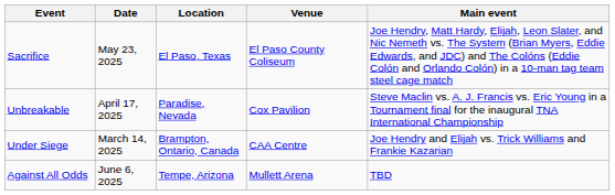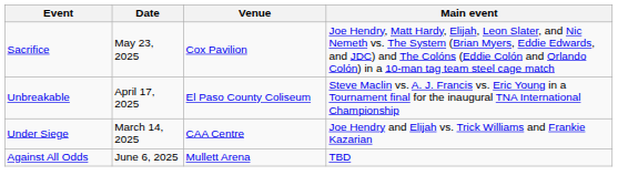 <table class="wikitable sortable" width="100%" style="align: center">
 <tr>
 <th width="15%">Event</th>
 <th width="10%">Date</th>
-<th width="15%">Location</th>
 <th width="20%">Venue</th>
 <th width="40%">Main event</th>
 </tr>
 <tr>
 <td><a href='#'>Sacrifice</a></td>
 <td>May 23, 2025</td>
-<td><a href='#'>El Paso, Texas</a></td>
-<td><a href='#'>El Paso County Coliseum</a></td>
+<td><a href='#'>Cox Pavilion</a></td>
 <td><a href='#'>Joe Hendry</a>, <a href='#'>Matt Hardy</a>, <a href='#'>Elijah</a>, <a href='#'>Leon Slater</a>, and <a href='#'>Nic Nemeth</a> vs. <a href='#'>The System</a> (<a href='#'>Brian Myers</a>, <a href='#'>Eddie Edwards</a>, and <a href='#'>JDC</a>) and <a href='#'>The Colóns</a> (<a href='#'>Eddie Colón</a> and <a href='#'>Orlando Colón</a>) in a <a href='#'>10-man tag team steel cage match</a></td>
 </tr>
 <tr>
 <td><a href='#'>Unbreakable</a></td>
 <td>April 17, 2025</td>
-<td><a href='#'>Paradise, Nevada</a></td>
-<td><a href='#'>Cox Pavilion</a></td>
+<td><a href='#'>El Paso County Coliseum</a></td>
 <td><a href='#'>Steve Maclin</a> vs. <a href='#'>A. J. Francis</a> vs. <a href='#'>Eric Young</a> in a <a href='#'>Tournament final</a> for the inaugural <a href='#'>TNA International Championship</a></td>
 </tr>
 <tr>
 <td><a href='#'>Under Siege</a></td>
 <td>March 14, 2025</td>
-<td><a href='#'>Brampton, Ontario, Canada</a></td>
 <td><a href='#'>CAA Centre</a></td>
 <td><a href='#'>Joe Hendry</a> and <a href='#'>Elijah</a> vs. <a href='#'>Trick Williams</a> and <a href='#'>Frankie Kazarian</a></td>
 </tr>
 <tr>
 <td><a href='#'>Against All Odds</a></td>
 <td>June 6, 2025</td>
-<td><a href='#'>Tempe, Arizona</a></td>
 <td><a href='#'>Mullett Arena</a></td>
 <td><a href='#'>TBD</a></td>
 </tr>
 </table>
